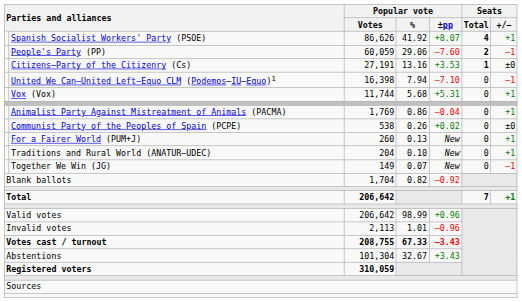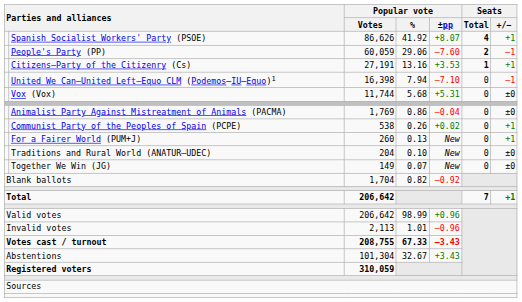 <table class="wikitable" style="text-align:right;">
 <tr>
 <th style="text-align:left;" rowspan="2" colspan="2" width="525">Parties and alliances</th>
 <th colspan="3">Popular vote</th>
 <th colspan="2">Seats</th>
 </tr>
 <tr>
 <th width="75">Votes</th>
 <th width="45">%</th>
 <th width="45">±<a href='#'>pp</a></th>
 <th width="35">Total</th>
 <th width="35">+/−</th>
 </tr>
 <tr>
 <td width="1" style="color:inherit;background:"></td>
 <td align="left"><a href='#'>Spanish Socialist Workers' Party</a> (PSOE)</td>
 <td>86,626</td>
 <td>41.92</td>
 <td style="color:green;">+8.07</td>
 <td><strong>4</strong></td>
 <td style="color:green;">+1</td>
 </tr>
 <tr>
 <td style="color:inherit;background:"></td>
 <td align="left"><a href='#'>People's Party</a> (PP)</td>
 <td>60,059</td>
 <td>29.06</td>
 <td style="color:red;">–7.60</td>
 <td><strong>2</strong></td>
 <td style="color:red;">–1</td>
 </tr>
 <tr>
 <td style="color:inherit;background:"></td>
 <td align="left"><a href='#'>Citizens–Party of the Citizenry</a> (Cs)</td>
 <td>27,191</td>
 <td>13.16</td>
 <td style="color:green;">+3.53</td>
 <td><strong>1</strong></td>
-<td>±0</td>
+<td style="color:green;">+1</td>
 </tr>
 <tr>
 <td style="color:inherit;background:"></td>
 <td align="left"><a href='#'>United We Can–United Left–Equo CLM</a> (<a href='#'>Podemos</a>–<a href='#'>IU</a>–<a href='#'>Equo</a>)<sup>1</sup></td>
 <td>16,398</td>
 <td>7.94</td>
 <td style="color:red;">–7.10</td>
 <td>0</td>
 <td style="color:red;">–1</td>
 </tr>
 <tr>
 <td style="color:inherit;background:"></td>
 <td align="left"><a href='#'>Vox</a> (Vox)</td>
 <td>11,744</td>
 <td>5.68</td>
 <td style="color:green;">+5.31</td>
 <td>0</td>
-<td style="color:green;">+1</td>
+<td>±0</td>
 </tr>
 <tr>
 <td colspan="7" bgcolor="#C0C0C0"></td>
 </tr>
 <tr>
 <td style="color:inherit;background:"></td>
 <td align="left"><a href='#'>Animalist Party Against Mistreatment of Animals</a> (PACMA)</td>
 <td>1,769</td>
 <td>0.86</td>
 <td style="color:red;">–0.04</td>
 <td>0</td>
-<td style="color:green;">+1</td>
+<td>±0</td>
 </tr>
 <tr>
 <td style="color:inherit;background:"></td>
 <td align="left"><a href='#'>Communist Party of the Peoples of Spain</a> (PCPE)</td>
 <td>538</td>
 <td>0.26</td>
 <td style="color:green;">+0.02</td>
 <td>0</td>
-<td>±0</td>
+<td style="color:green;">+1</td>
 </tr>
 <tr>
 <td style="color:inherit;background:"></td>
 <td align="left"><a href='#'>For a Fairer World</a> (PUM+J)</td>
 <td>260</td>
 <td>0.13</td>
 <td><em>New</em></td>
 <td>0</td>
 <td style="color:green;">+1</td>
 </tr>
 <tr>
 <td style="color:inherit;background:"></td>
 <td align="left">Traditions and Rural World (ANATUR–UDEC)</td>
 <td>204</td>
 <td>0.10</td>
 <td><em>New</em></td>
 <td>0</td>
-<td style="color:green;">+1</td>
+<td>±0</td>
 </tr>
 <tr>
 <td style="color:inherit;background:"></td>
 <td align="left">Together We Win (JG)</td>
 <td>149</td>
 <td>0.07</td>
 <td><em>New</em></td>
 <td>0</td>
-<td style="color:red;">–1</td>
+<td>±0</td>
 </tr>
 <tr>
 <td align="left" colspan="2">Blank ballots</td>
 <td>1,704</td>
 <td>0.82</td>
 <td style="color:red;">–0.92</td>
 <td bgcolor="#E9E9E9" colspan="2"></td>
 </tr>
 <tr>
 <td colspan="7" bgcolor="#E9E9E9"></td>
 </tr>
 <tr style="font-weight:bold;">
 <td align="left" colspan="2">Total</td>
 <td>206,642</td>
 <td bgcolor="#E9E9E9" colspan="2"></td>
 <td>7</td>
 <td style="color:green;">+1</td>
 </tr>
 <tr>
 <td colspan="7" bgcolor="#E9E9E9"></td>
 </tr>
 <tr>
 <td align="left" colspan="2">Valid votes</td>
 <td>206,642</td>
 <td>98.99</td>
 <td style="color:green;">+0.96</td>
 <td bgcolor="#E9E9E9" colspan="2" rowspan="5"></td>
 </tr>
 <tr>
 <td align="left" colspan="2">Invalid votes</td>
 <td>2,113</td>
 <td>1.01</td>
 <td style="color:red;">–0.96</td>
 </tr>
 <tr style="font-weight:bold;">
 <td align="left" colspan="2">Votes cast / turnout</td>
 <td>208,755</td>
 <td>67.33</td>
 <td style="color:red;">–3.43</td>
 </tr>
 <tr>
 <td align="left" colspan="2">Abstentions</td>
 <td>101,304</td>
 <td>32.67</td>
 <td style="color:green;">+3.43</td>
 </tr>
 <tr style="font-weight:bold;">
 <td align="left" colspan="2">Registered voters</td>
 <td>310,059</td>
 <td bgcolor="#E9E9E9" colspan="2"></td>
 </tr>
 <tr>
 <td colspan="7" bgcolor="#E9E9E9"></td>
 </tr>
 <tr>
 <td align="left" colspan="7">Sources</td>
 </tr>
 <tr>
 <td colspan="7" style="text-align:left; max-width:790px;"></td>
 </tr>
 </table>
